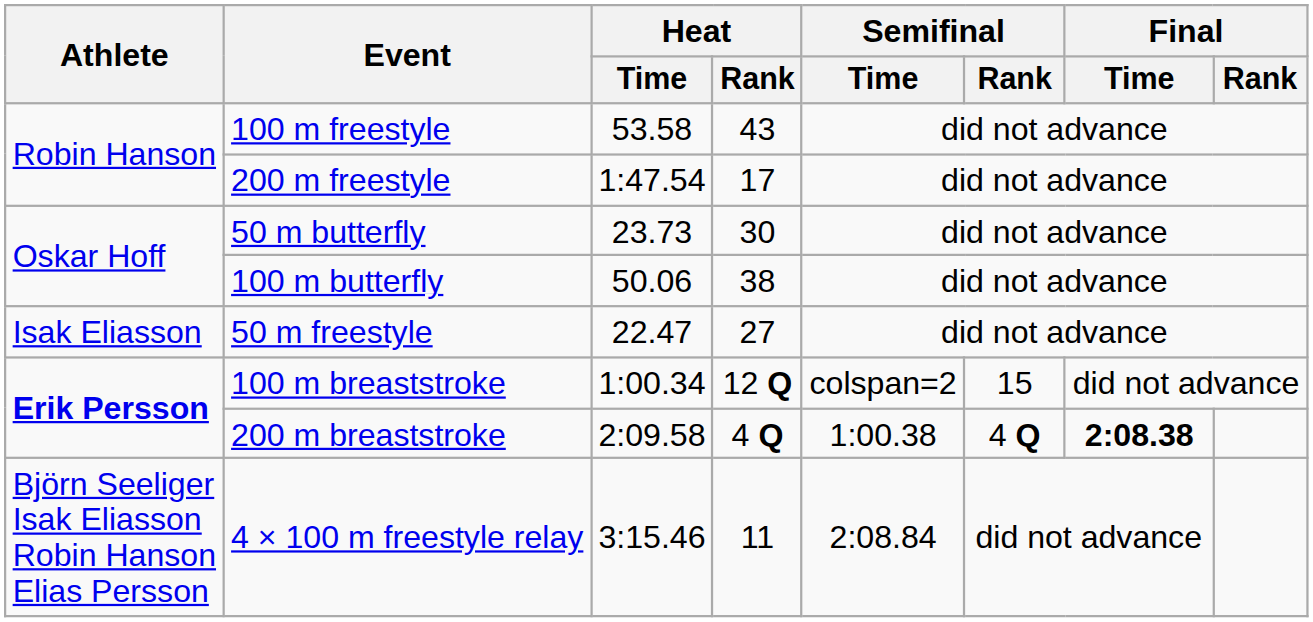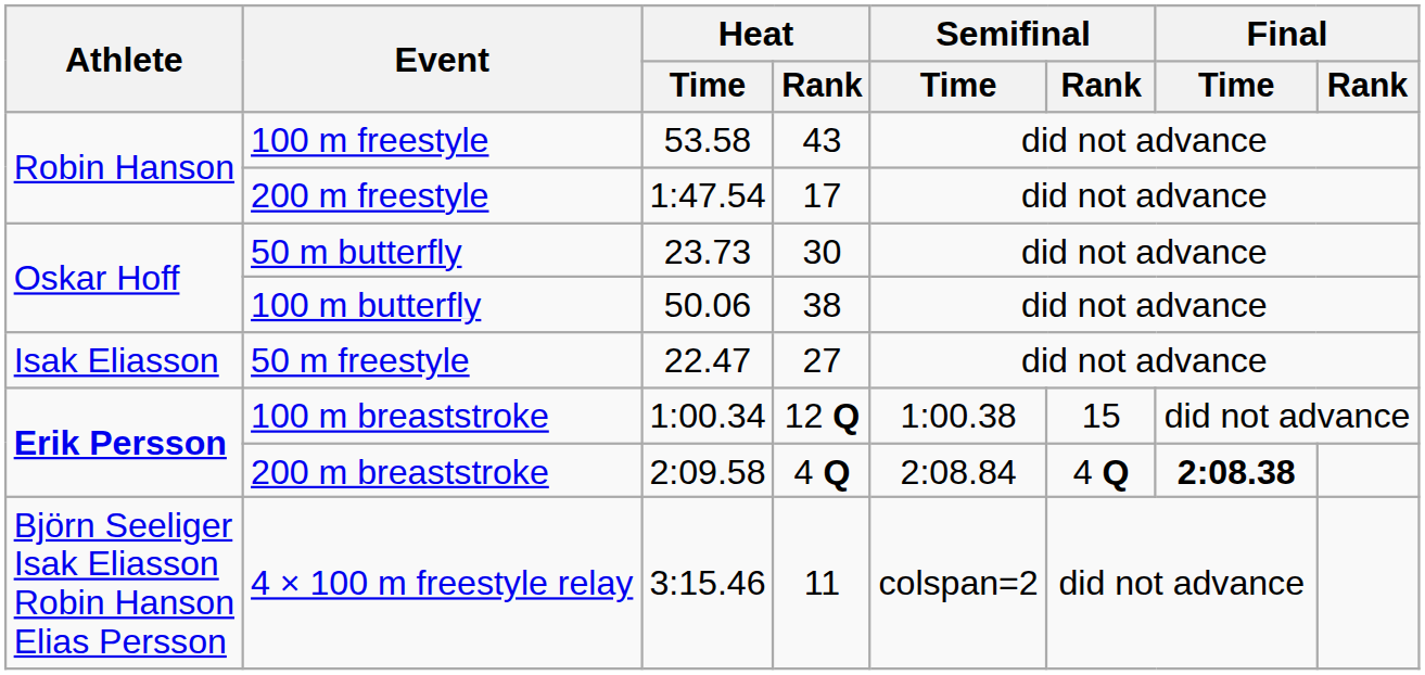 <table class=wikitable style="font-size:90%">
 <tr>
 <th rowspan="2">Athlete</th>
 <th rowspan="2">Event</th>
 <th colspan="2">Heat</th>
 <th colspan="2">Semifinal</th>
 <th colspan="2">Final</th>
 </tr>
 <tr style="font-size:95%">
 <th>Time</th>
 <th>Rank</th>
 <th>Time</th>
 <th>Rank</th>
 <th>Time</th>
 <th>Rank</th>
 </tr>
 <tr style="text-align:center">
 <td style="text-align:left" rowspan=2><a href='#'>Robin Hanson</a></td>
 <td style="text-align:left"><a href='#'>100 m freestyle</a></td>
 <td>53.58</td>
 <td>43</td>
 <td colspan=4>did not advance</td>
 </tr>
 <tr style="text-align:center">
 <td style="text-align:left"><a href='#'>200 m freestyle</a></td>
 <td>1:47.54</td>
 <td>17</td>
 <td colspan=4>did not advance</td>
 </tr>
 <tr style="text-align:center">
 <td style="text-align:left" rowspan=2><a href='#'>Oskar Hoff</a></td>
 <td style="text-align:left"><a href='#'>50 m butterfly</a></td>
 <td>23.73</td>
 <td>30</td>
 <td colspan=4>did not advance</td>
 </tr>
 <tr style="text-align:center">
 <td style="text-align:left"><a href='#'>100 m butterfly</a></td>
 <td>50.06</td>
 <td>38</td>
 <td colspan=4>did not advance</td>
 </tr>
 <tr style="text-align:center">
 <td style="text-align:left"><a href='#'>Isak Eliasson</a></td>
 <td style="text-align:left"><a href='#'>50 m freestyle</a></td>
 <td>22.47</td>
 <td>27</td>
 <td colspan=4>did not advance</td>
 </tr>
 <tr style="text-align:center">
 <td style="text-align:left" rowspan=2><strong><a href='#'>Erik Persson</a></strong></td>
 <td style="text-align:left"><a href='#'>100 m breaststroke</a></td>
 <td>1:00.34</td>
 <td>12 <strong>Q</strong></td>
-<td>colspan=2 </td>
+<td>1:00.38</td>
 <td>15</td>
 <td colspan=2>did not advance</td>
 </tr>
 <tr style="text-align:center">
 <td style="text-align:left"><a href='#'>200 m breaststroke</a></td>
 <td>2:09.58</td>
 <td>4 <strong>Q</strong></td>
-<td>1:00.38</td>
+<td>2:08.84</td>
 <td>4 <strong>Q</strong></td>
 <td><strong>2:08.38</strong></td>
 <td></td>
 </tr>
 <tr style="text-align:center">
 <td style="text-align:left"><a href='#'>Björn Seeliger</a><br><a href='#'>Isak Eliasson</a><br><a href='#'>Robin Hanson</a> <br><a href='#'>Elias Persson</a></td>
 <td style="text-align:left"><a href='#'>4 × 100 m freestyle relay</a></td>
 <td>3:15.46</td>
 <td>11</td>
-<td>2:08.84</td>
+<td>colspan=2 </td>
 <td colspan=2>did not advance</td>
 </tr>
 </table>
